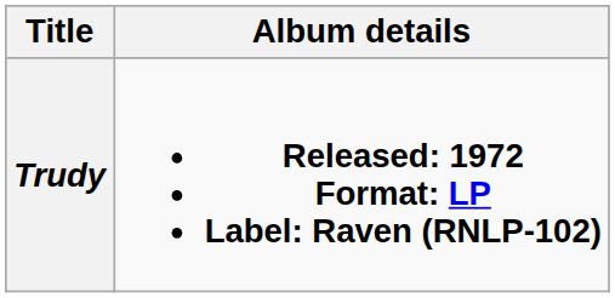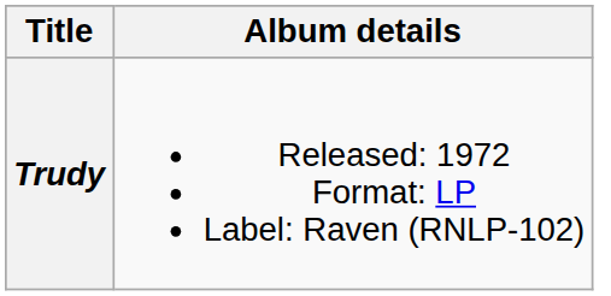 <table class="wikitable plainrowheaders" style="text-align:center;" border="1">
 <tr>
 <th>Title</th>
 <th>Album details</th>
 </tr>
 <tr>
 <th scope="row"><em>Trudy</em></th>
-<td><strong><br><ul><li>Released: 1972</li><li>Format: <a href='#'>LP</a></li><li>Label: Raven (RNLP-102)</li></ul></strong></td>
+<td><br><ul><li>Released: 1972</li><li>Format: <a href='#'>LP</a></li><li>Label: Raven (RNLP-102)</li></ul></td>
 </tr>
 </table>
